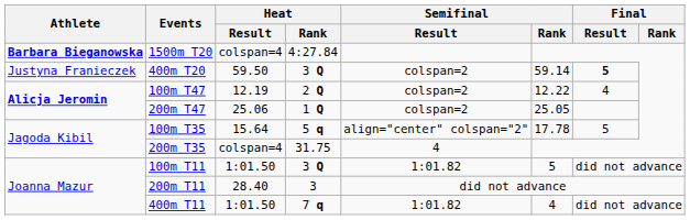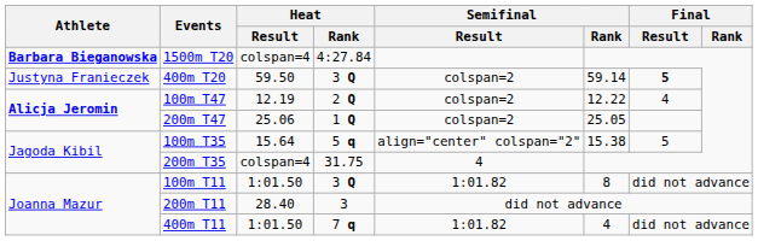 <table class=wikitable style="font-size:95%">
 <tr>
 <th rowspan="2">Athlete</th>
 <th rowspan="2">Events</th>
 <th colspan="2">Heat</th>
 <th colspan="2">Semifinal</th>
 <th colspan="2">Final</th>
 </tr>
 <tr>
 <th>Result</th>
 <th>Rank</th>
 <th>Result</th>
 <th>Rank</th>
 <th>Result</th>
 <th>Rank</th>
 </tr>
 <tr align=center>
 <td align=left><strong><a href='#'>Barbara Bieganowska</a></strong></td>
 <td align=left><a href='#'>1500m T20</a></td>
 <td>colspan=4 </td>
 <td>4:27.84</td>
 <td></td>
 </tr>
 <tr align=center>
 <td align=left><a href='#'>Justyna Franieczek</a></td>
 <td align=left><a href='#'>400m T20</a></td>
 <td>59.50</td>
 <td>3 <strong>Q</strong></td>
 <td>colspan=2 </td>
 <td>59.14</td>
 <td><strong>5</strong></td>
 </tr>
 <tr align=center>
 <td align=left rowspan=2><strong><a href='#'>Alicja Jeromin</a></strong></td>
 <td align=left><a href='#'>100m T47</a></td>
 <td>12.19</td>
 <td>2 <strong>Q</strong></td>
 <td>colspan=2 </td>
 <td>12.22</td>
 <td>4</td>
 </tr>
 <tr align=center>
 <td align=left><a href='#'>200m T47</a></td>
 <td>25.06</td>
 <td>1 <strong>Q</strong></td>
 <td>colspan=2 </td>
 <td>25.05</td>
 <td></td>
 </tr>
 <tr align=center>
 <td align=left rowspan=2><a href='#'>Jagoda Kibil</a></td>
 <td align=left><a href='#'>100m T35</a></td>
 <td>15.64</td>
 <td>5 <strong>q</strong></td>
 <td>align="center" colspan="2" </td>
-<td>17.78</td>
+<td>15.38</td>
 <td>5</td>
 </tr>
 <tr align=center>
 <td align=left><a href='#'>200m T35</a></td>
 <td>colspan=4 </td>
 <td>31.75</td>
 <td>4</td>
 </tr>
 <tr align=center>
 <td align=left rowspan=3><a href='#'>Joanna Mazur</a></td>
 <td align=left><a href='#'>100m T11</a></td>
 <td>1:01.50</td>
 <td>3 <strong>Q</strong></td>
 <td>1:01.82</td>
-<td>5</td>
+<td>8</td>
 <td colspan=2>did not advance</td>
 </tr>
 <tr align=center>
 <td align=left><a href='#'>200m T11</a></td>
 <td>28.40</td>
 <td>3</td>
 <td colspan=4>did not advance</td>
 </tr>
 <tr align=center>
 <td align=left><a href='#'>400m T11</a></td>
 <td>1:01.50</td>
 <td>7 <strong>q</strong></td>
 <td>1:01.82</td>
 <td>4</td>
 <td colspan=2>did not advance</td>
 </tr>
 </table>
